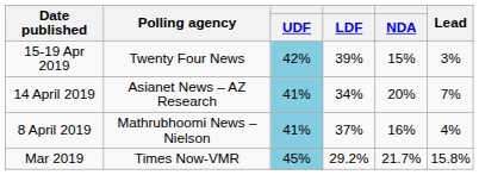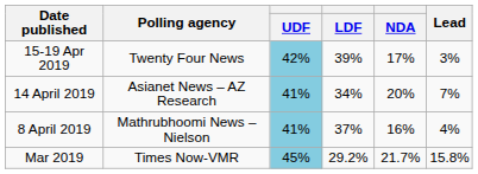 <table class="wikitable sortable" style="text-align:center;font-size:95%;line-height:16px">
 <tr>
 <th rowspan="2" width="100px">Date published</th>
 <th rowspan="2" width="175px">Polling agency</th>
 <th style="background:"></th>
 <th style="background:"></th>
 <th style="background:"></th>
 <th rowspan="2">Lead</th>
 </tr>
 <tr>
 <th width="50px" class="unsortable"><a href='#'>UDF</a></th>
 <th width="50px" class="unsortable"><a href='#'>LDF</a></th>
 <th width="50px" class="unsortable"><a href='#'>NDA</a></th>
 </tr>
 <tr>
 <td>15-19 Apr 2019</td>
 <td>Twenty Four News</td>
 <td style="background:#84CCE0">42% </td>
 <td>39%</td>
-<td>15%</td>
+<td>17%</td>
 <td style="background:"><span>3%</span></td>
 </tr>
 <tr>
 <td>14 April 2019</td>
 <td>Asianet News – AZ Research</td>
 <td style="background:#84CCE0">41%</td>
 <td>34%</td>
 <td>20%</td>
 <td style="background:"><span>7%</span></td>
 </tr>
 <tr>
 <td>8 April 2019</td>
 <td>Mathrubhoomi News – Nielson</td>
 <td style="background:#84CCE0">41%</td>
 <td>37%</td>
 <td>16%</td>
 <td style="background:"><span>4%</span></td>
 </tr>
 <tr>
 <td>Mar 2019</td>
 <td>Times Now-VMR</td>
 <td style="background:#84CCE0">45%</td>
 <td>29.2%</td>
 <td>21.7%</td>
 <td style="background:"><span>15.8%</span></td>
 </tr>
 </table>
